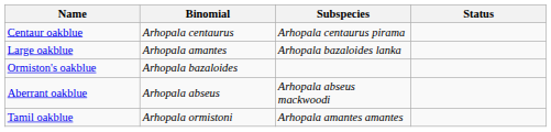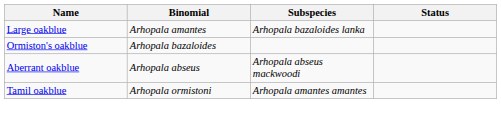 <table width=60% class="wikitable">
 <tr>
 <th width=20%>Name</th>
 <th width=20%>Binomial</th>
 <th width=20%>Subspecies</th>
 <th width=20%>Status</th>
-</tr>
-<tr>
-<td><a href='#'>Centaur oakblue</a><br> </td>
-<td><em>Arhopala centaurus</em></td>
-<td><em>Arhopala centaurus pirama</em></td>
-<td></td>
 </tr>
 <tr>
 <td><a href='#'>Large oakblue</a><br>  </td>
 <td><em>Arhopala amantes</em></td>
 <td><em>Arhopala bazaloides lanka</em></td>
 <td></td>
 </tr>
 <tr>
 <td><a href='#'>Ormiston's oakblue</a></td>
 <td><em>Arhopala bazaloides</em></td>
 <td></td>
 <td></td>
 </tr>
 <tr>
 <td><a href='#'>Aberrant oakblue</a><br></td>
 <td><em>Arhopala abseus</em></td>
 <td><em>Arhopala abseus mackwoodi</em></td>
 <td></td>
 </tr>
 <tr>
 <td><a href='#'>Tamil oakblue</a><br> </td>
 <td><em>Arhopala ormistoni</em></td>
 <td><em>Arhopala amantes amantes</em></td>
 <td></td>
 </tr>
 </table>
